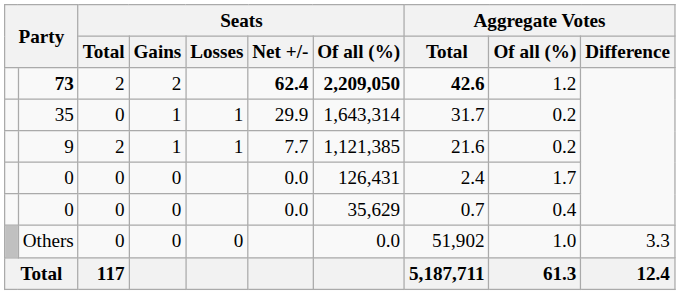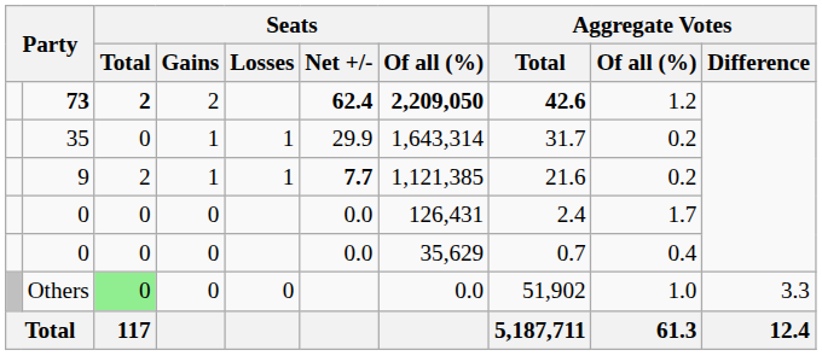 <table class="wikitable sortable" style="text-align:right; font-size:95%;">
 <tr>
 <th colspan="2" rowspan="2">Party</th>
 <th colspan="5">Seats</th>
 <th colspan="3">Aggregate Votes</th>
 </tr>
 <tr>
 <th>Total</th>
 <th>Gains</th>
 <th>Losses</th>
 <th>Net +/-</th>
 <th>Of all (%)</th>
 <th>Total</th>
 <th>Of all (%)</th>
 <th>Difference</th>
 </tr>
 <tr>
 <td></td>
 <td><strong>73</strong></td>
-<td>2</td>
+<td><strong>2</strong></td>
 <td>2</td>
 <td></td>
 <td><strong>62.4</strong></td>
 <td><strong>2,209,050</strong></td>
 <td><strong>42.6</strong></td>
 <td>1.2</td>
 </tr>
 <tr>
 <td></td>
 <td>35</td>
 <td>0</td>
 <td>1</td>
 <td>1</td>
 <td>29.9</td>
 <td>1,643,314</td>
 <td>31.7</td>
 <td>0.2</td>
 </tr>
 <tr>
 <td></td>
 <td>9</td>
 <td>2</td>
 <td>1</td>
 <td>1</td>
-<td>7.7</td>
+<td><strong>7.7</strong></td>
 <td>1,121,385</td>
 <td>21.6</td>
 <td>0.2</td>
 </tr>
 <tr>
 <td></td>
 <td>0</td>
 <td>0</td>
 <td>0</td>
 <td></td>
 <td>0.0</td>
 <td>126,431</td>
 <td>2.4</td>
 <td>1.7</td>
 </tr>
 <tr>
 <td></td>
 <td>0</td>
 <td>0</td>
 <td>0</td>
 <td></td>
 <td>0.0</td>
 <td>35,629</td>
 <td>0.7</td>
 <td>0.4</td>
 </tr>
 <tr>
 <td style="background:silver;"> </td>
 <td align=left>Others</td>
-<td>0</td>
+<td style="background: lightgreen;">0</td>
 <td>0</td>
 <td>0</td>
 <td></td>
 <td>0.0</td>
 <td>51,902</td>
 <td>1.0</td>
 <td>3.3</td>
 </tr>
 <tr class="sortbottom">
 <th colspan="2" style="background:#f2f2f2"><strong>Total</strong></th>
 <td style="background:#f2f2f2;"><strong>117</strong></td>
 <td style="background:#f2f2f2;"></td>
 <td style="background:#f2f2f2;"></td>
 <td style="background:#f2f2f2;"></td>
 <td style="background:#f2f2f2;"></td>
 <td style="background:#f2f2f2;"><strong>5,187,711</strong></td>
 <td style="background:#f2f2f2;"><strong>61.3</strong></td>
 <td style="background:#f2f2f2;"><strong>12.4</strong></td>
 </tr>
 </table>
